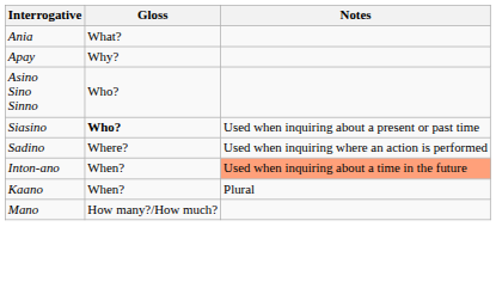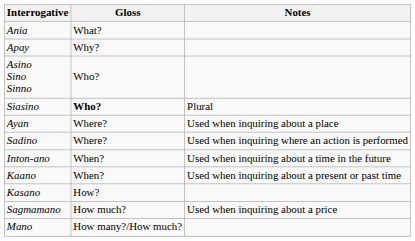 <table class="wikitable" border="1" align="center">
 <tr>
 <th>Interrogative</th>
 <th>Gloss</th>
 <th>Notes</th>
 </tr>
 <tr>
 <td><em>Ania</em></td>
 <td>What?</td>
 <td></td>
 </tr>
 <tr>
 <td><em>Apay</em></td>
 <td>Why?</td>
 <td></td>
 </tr>
 <tr>
 <td><em>Asino</em><br><em>Sino</em><br> <em>Sinno</em></td>
 <td>Who?</td>
 <td></td>
 </tr>
 <tr>
 <td><em>Siasino</em></td>
 <td><strong>Who?</strong></td>
-<td>Used when inquiring about a present or past time</td>
+<td>Plural</td>
+</tr>
+<tr>
+<td><em>Ayan</em></td>
+<td>Where?</td>
+<td>Used when inquiring about a place</td>
 </tr>
 <tr>
 <td><em>Sadino</em></td>
 <td>Where?</td>
 <td>Used when inquiring where an action is performed</td>
 </tr>
 <tr>
 <td><em>Inton-ano</em></td>
 <td>When?</td>
-<td style="background: lightsalmon;">Used when inquiring about a time in the future</td>
+<td>Used when inquiring about a time in the future</td>
 </tr>
 <tr>
 <td><em>Kaano</em></td>
 <td>When?</td>
-<td>Plural</td>
+<td>Used when inquiring about a present or past time</td>
+</tr>
+<tr>
+<td><em>Kasano</em></td>
+<td>How?</td>
+<td></td>
+</tr>
+<tr>
+<td><em>Sagmamano</em></td>
+<td>How much?</td>
+<td>Used when inquiring about a price</td>
 </tr>
 <tr>
 <td><em>Mano</em></td>
 <td>How many?/How much?</td>
 <td></td>
 </tr>
 </table>
